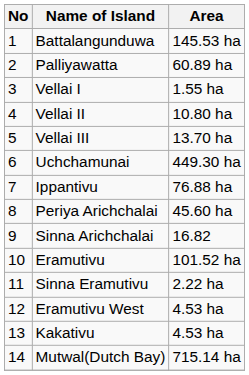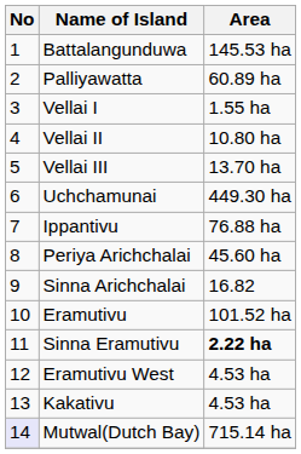 <table class="wikitable">
 <tr>
 <th>No</th>
 <th>Name of Island</th>
 <th>Area</th>
 </tr>
 <tr>
 <td>1</td>
 <td>Battalangunduwa</td>
 <td>145.53 ha</td>
 </tr>
 <tr>
 <td>2</td>
 <td>Palliyawatta</td>
 <td>60.89 ha</td>
 </tr>
 <tr>
 <td>3</td>
 <td>Vellai I</td>
 <td>1.55 ha</td>
 </tr>
 <tr>
 <td>4</td>
 <td>Vellai II</td>
 <td>10.80 ha</td>
 </tr>
 <tr>
 <td>5</td>
 <td>Vellai III</td>
 <td>13.70 ha</td>
 </tr>
 <tr>
 <td>6</td>
 <td>Uchchamunai</td>
 <td>449.30 ha</td>
 </tr>
 <tr>
 <td>7</td>
 <td>Ippantivu</td>
 <td>76.88 ha</td>
 </tr>
 <tr>
 <td>8</td>
 <td>Periya Arichchalai</td>
 <td>45.60 ha</td>
 </tr>
 <tr>
 <td>9</td>
 <td>Sinna Arichchalai</td>
 <td>16.82</td>
 </tr>
 <tr>
 <td>10</td>
 <td>Eramutivu</td>
 <td>101.52 ha</td>
 </tr>
 <tr>
 <td>11</td>
 <td>Sinna Eramutivu</td>
-<td>2.22 ha</td>
+<td><strong>2.22 ha</strong></td>
 </tr>
 <tr>
 <td>12</td>
 <td>Eramutivu West</td>
 <td>4.53 ha</td>
 </tr>
 <tr>
 <td>13</td>
 <td>Kakativu</td>
 <td>4.53 ha</td>
 </tr>
 <tr>
-<td>14</td>
+<td style="background: lavender;">14</td>
 <td>Mutwal(Dutch Bay)</td>
 <td>715.14 ha</td>
 </tr>
 <tr>
 </tr>
 </table>
